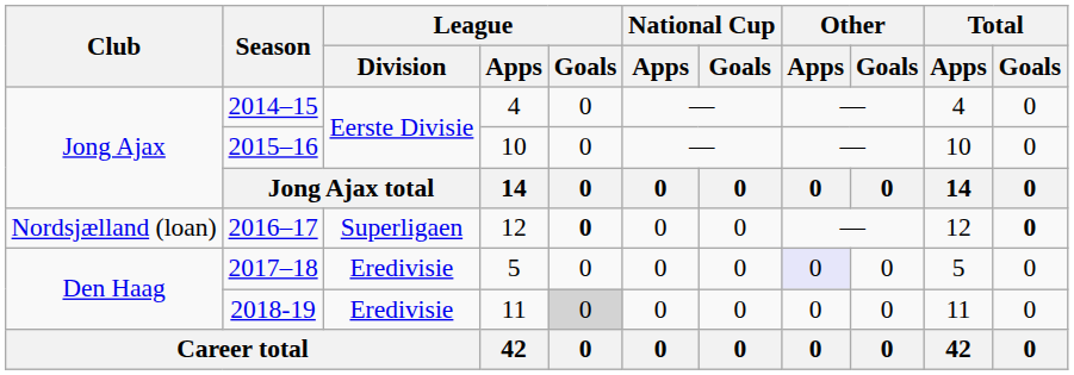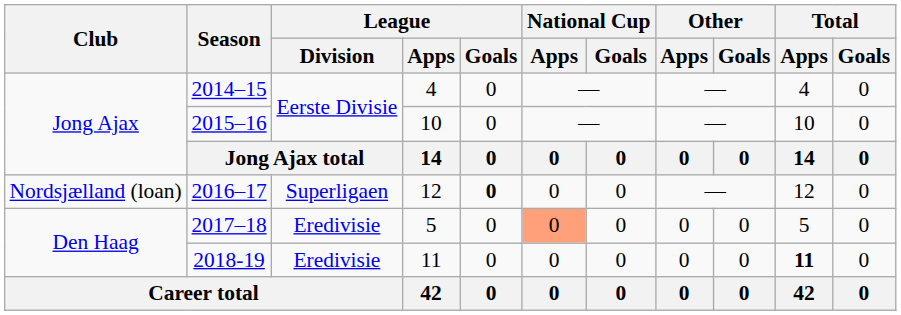 <table class="wikitable" style="text-align:center">
 <tr>
 <th rowspan="2">Club</th>
 <th rowspan="2">Season</th>
 <th colspan="3">League</th>
 <th colspan="2">National Cup</th>
 <th colspan="2">Other</th>
 <th colspan="2">Total</th>
 </tr>
 <tr>
 <th>Division</th>
 <th>Apps</th>
 <th>Goals</th>
 <th>Apps</th>
 <th>Goals</th>
 <th>Apps</th>
 <th>Goals</th>
 <th>Apps</th>
 <th>Goals</th>
 </tr>
 <tr>
 <td rowspan="3"><a href='#'>Jong Ajax</a></td>
 <td><a href='#'>2014–15</a></td>
 <td rowspan="2"><a href='#'>Eerste Divisie</a></td>
 <td>4</td>
 <td>0</td>
 <td colspan="2">—</td>
 <td colspan="2">—</td>
 <td>4</td>
 <td>0</td>
 </tr>
 <tr>
 <td><a href='#'>2015–16</a></td>
 <td>10</td>
 <td>0</td>
 <td colspan="2">—</td>
 <td colspan="2">—</td>
 <td>10</td>
 <td>0</td>
 </tr>
 <tr>
 <th colspan="2">Jong Ajax total</th>
 <th>14</th>
 <th>0</th>
 <th>0</th>
 <th>0</th>
 <th>0</th>
 <th>0</th>
 <th>14</th>
 <th>0</th>
 </tr>
 <tr>
 <td><a href='#'>Nordsjælland</a> (loan)</td>
 <td><a href='#'>2016–17</a></td>
 <td><a href='#'>Superligaen</a></td>
 <td>12</td>
 <td><strong>0</strong></td>
 <td>0</td>
 <td>0</td>
 <td colspan="2">—</td>
 <td>12</td>
-<td><strong>0</strong></td>
+<td>0</td>
 </tr>
 <tr>
 <td rowspan="2"><a href='#'>Den Haag</a></td>
 <td><a href='#'>2017–18</a></td>
 <td><a href='#'>Eredivisie</a></td>
 <td>5</td>
 <td>0</td>
+<td style="background: lightsalmon;">0</td>
 <td>0</td>
 <td>0</td>
-<td style="background: lavender;">0</td>
 <td>0</td>
 <td>5</td>
 <td>0</td>
 </tr>
 <tr>
 <td><a href='#'>2018-19</a></td>
 <td><a href='#'>Eredivisie</a></td>
 <td>11</td>
-<td style="background: lightgrey;">0</td>
 <td>0</td>
 <td>0</td>
 <td>0</td>
 <td>0</td>
-<td>11</td>
+<td>0</td>
+<td><strong>11</strong></td>
 <td>0</td>
 </tr>
 <tr>
 <th colspan="3">Career total</th>
 <th>42</th>
 <th>0</th>
 <th>0</th>
 <th>0</th>
 <th>0</th>
 <th>0</th>
 <th>42</th>
 <th>0</th>
 </tr>
 </table>
